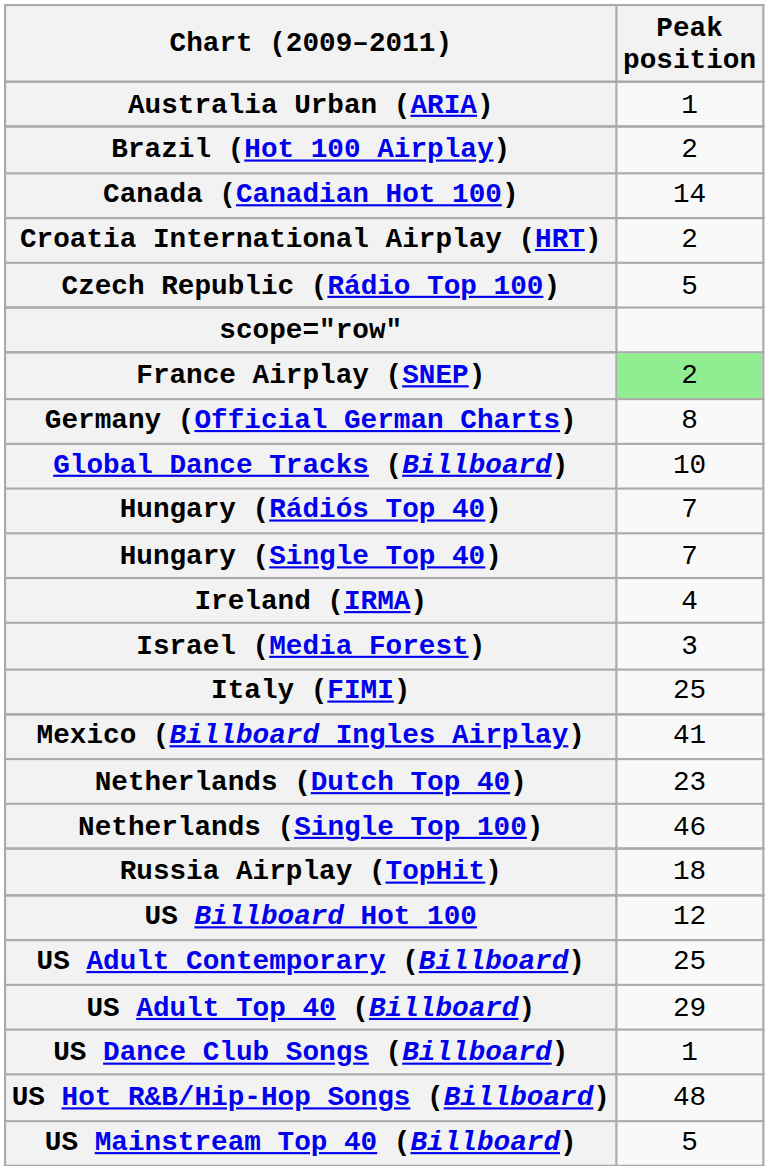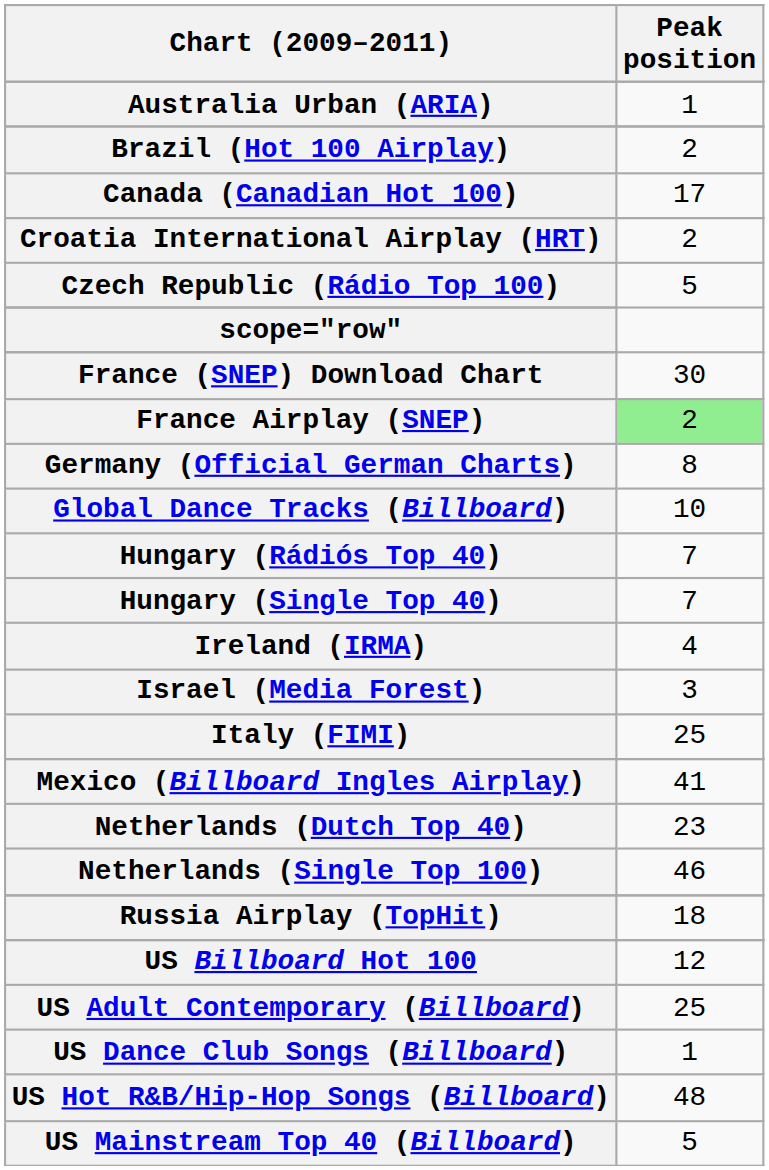 <table class="wikitable sortable plainrowheaders" style="text-align:center">
 <tr>
 <th scope="col">Chart (2009–2011)</th>
 <th scope="col">Peak<br>position</th>
 </tr>
 <tr>
 </tr>
 <tr>
 <th scope="row">Australia Urban (<a href='#'>ARIA</a>)</th>
 <td style="text-align:center;">1</td>
 </tr>
 <tr>
 </tr>
 <tr>
 </tr>
 <tr>
 </tr>
 <tr>
 <th scope="row">Brazil (<a href='#'>Hot 100 Airplay</a>)</th>
 <td style="text-align:center;">2</td>
 </tr>
 <tr>
 <th scope="row">Canada (<a href='#'>Canadian Hot 100</a>)</th>
-<td style="text-align:center;">14</td>
+<td style="text-align:center;">17</td>
 </tr>
 <tr>
 </tr>
 <tr>
 </tr>
 <tr>
 </tr>
 <tr>
 <th scope="row">Croatia International Airplay (<a href='#'>HRT</a>)</th>
 <td>2</td>
 </tr>
 <tr>
 <th scope="row">Czech Republic (<a href='#'>Rádio Top 100</a>)</th>
 <td style="text-align:center;">5</td>
 </tr>
 <tr>
 </tr>
 <tr>
 <th>scope="row"  </th>
 </tr>
 <tr>
+</tr>
+<tr>
+<th scope="row">France (<a href='#'>SNEP</a>) Download Chart</th>
+<td style="text-align:center;">30</td>
 </tr>
 <tr>
 <th scope="row">France Airplay (<a href='#'>SNEP</a>)</th>
 <td style="background: lightgreen; text-align:center;">2</td>
 </tr>
 <tr>
 <th scope="row">Germany (<a href='#'>Official German Charts</a>)</th>
 <td style="text-align:center;">8</td>
 </tr>
 <tr>
 <th scope="row"><a href='#'>Global Dance Tracks</a> (<em><a href='#'>Billboard</a></em>)</th>
 <td style="text-align:center;">10</td>
 </tr>
 <tr>
 <th scope="row">Hungary (<a href='#'>Rádiós Top 40</a>)</th>
 <td style="text-align:center;">7</td>
 </tr>
 <tr>
 <th scope="row">Hungary (<a href='#'>Single Top 40</a>)</th>
 <td style="text-align:center;">7</td>
 </tr>
 <tr>
 <th scope="row">Ireland (<a href='#'>IRMA</a>)</th>
 <td style="text-align:center;">4</td>
 </tr>
 <tr>
 <th scope="row">Israel (<a href='#'>Media Forest</a>)</th>
 <td align="center">3</td>
 </tr>
 <tr>
 <th scope="row">Italy (<a href='#'>FIMI</a>)</th>
 <td align="center">25</td>
 </tr>
 <tr>
 </tr>
 <tr>
 <th scope="row">Mexico (<a href='#'><em>Billboard</em> Ingles Airplay</a>)</th>
 <td style="text-align:center;">41</td>
 </tr>
 <tr>
 <th scope="row">Netherlands (<a href='#'>Dutch Top 40</a>)</th>
 <td style="text-align:center;">23</td>
 </tr>
 <tr>
 <th scope="row">Netherlands (<a href='#'>Single Top 100</a>)</th>
 <td style="text-align:center;">46</td>
 </tr>
 <tr>
 </tr>
 <tr>
 </tr>
 <tr>
 </tr>
 <tr>
 <th scope="row">Russia Airplay (<a href='#'>TopHit</a>)</th>
 <td>18</td>
 </tr>
 <tr>
 </tr>
 <tr>
 </tr>
 <tr>
 </tr>
 <tr>
 </tr>
 <tr>
 </tr>
 <tr>
 </tr>
 <tr>
 </tr>
 <tr>
 <th scope="row">US <a href='#'><em>Billboard</em> Hot 100</a></th>
 <td style="text-align:center;">12</td>
 </tr>
 <tr>
 <th scope="row">US <a href='#'>Adult Contemporary</a> (<em><a href='#'>Billboard</a></em>)</th>
 <td style="text-align:center;">25</td>
 </tr>
 <tr>
-<th scope="row">US <a href='#'>Adult Top 40</a> (<em><a href='#'>Billboard</a></em>)</th>
-<td style="text-align:center;">29</td>
-</tr>
-<tr>
 <th scope="row">US <a href='#'>Dance Club Songs</a> (<em><a href='#'>Billboard</a></em>)</th>
 <td style="text-align:center;">1</td>
 </tr>
 <tr>
 <th scope="row">US <a href='#'>Hot R&B/Hip-Hop Songs</a> (<em><a href='#'>Billboard</a></em>)</th>
 <td style="text-align:center;">48</td>
 </tr>
 <tr>
 <th scope="row">US <a href='#'>Mainstream Top 40</a> (<em><a href='#'>Billboard</a></em>)</th>
 <td style="text-align:center;">5</td>
 </tr>
 <tr>
 </tr>
 </table>
